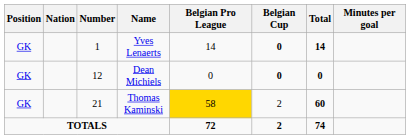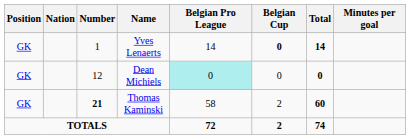 <table class="wikitable sortable" style="font-size: 95%; text-align: center;">
 <tr>
 <th width="7%"><strong>Position</strong></th>
 <th width="7%"><strong>Nation</strong></th>
 <th width="7%"><strong>Number</strong></th>
 <th width="13%"><strong>Name</strong></th>
 <th>Belgian Pro League</th>
 <th>Belgian Cup</th>
 <th>Total</th>
 <th>Minutes per goal</th>
 </tr>
 <tr>
 <td><a href='#'>GK</a></td>
 <td></td>
 <td>1</td>
 <td><a href='#'>Yves Lenaerts</a></td>
 <td>14 </td>
 <td><strong>0 </strong></td>
 <td><strong>14</strong> </td>
 <td> </td>
 </tr>
 <tr>
 <td><a href='#'>GK</a></td>
 <td></td>
 <td>12</td>
 <td><a href='#'>Dean Michiels</a></td>
+<td style="background: paleturquoise;">0 </td>
 <td>0 </td>
-<td><strong>0 </strong></td>
 <td><strong>0</strong> </td>
 <td> </td>
 </tr>
 <tr>
 <td><a href='#'>GK</a></td>
 <td></td>
-<td>21</td>
+<td><strong>21</strong></td>
 <td><a href='#'>Thomas Kaminski</a></td>
-<td style="background: gold;">58 </td>
+<td>58 </td>
 <td>2 </td>
 <td><strong>60</strong> </td>
 <td> </td>
 </tr>
 <tr>
 <td colspan="4"><strong>TOTALS</strong></td>
 <td><strong>72</strong> </td>
 <td><strong>2</strong> </td>
 <td><strong>74</strong> </td>
 <td> </td>
 </tr>
 </table>
